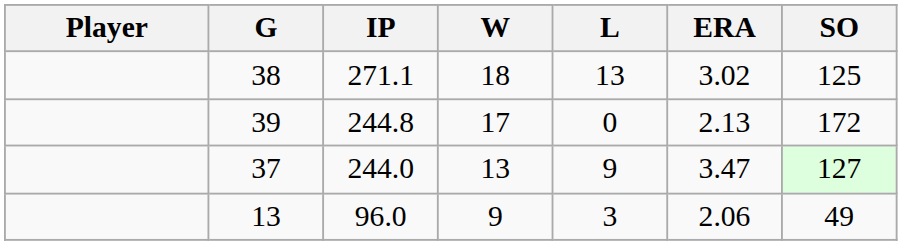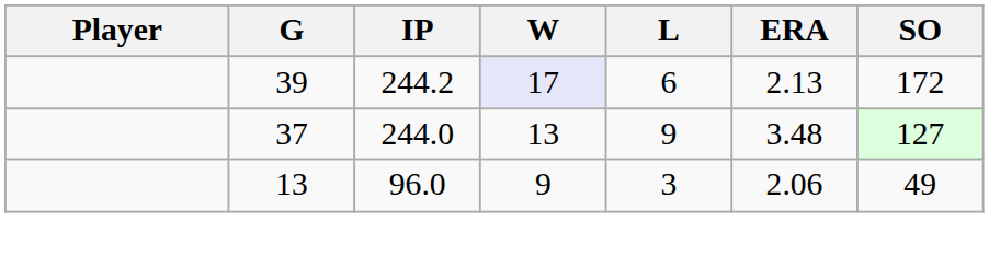 <table class="wikitable sortable">
 <tr>
 <th bgcolor="#DDDDFF" width="16%">Player</th>
 <th bgcolor="#DDDDFF" width="9%">G</th>
 <th bgcolor="#DDDDFF" width="9%">IP</th>
 <th bgcolor="#DDDDFF" width="9%">W</th>
 <th bgcolor="#DDDDFF" width="9%">L</th>
 <th bgcolor="#DDDDFF" width="9%">ERA</th>
 <th bgcolor="#DDDDFF" width="9%">SO</th>
 </tr>
 <tr align="center">
 <td></td>
-<td>38</td>
-<td>271.1</td>
-<td>18</td>
-<td>13</td>
-<td>3.02</td>
-<td>125</td>
-</tr>
-<tr align="center">
-<td></td>
 <td>39</td>
-<td>244.8</td>
-<td>17</td>
-<td>0</td>
+<td>244.2</td>
+<td style="background: lavender;">17</td>
+<td>6</td>
 <td>2.13</td>
 <td>172</td>
 </tr>
 <tr align="center">
 <td></td>
 <td>37</td>
 <td>244.0</td>
 <td>13</td>
 <td>9</td>
-<td>3.47</td>
+<td>3.48</td>
 <td style="background:#DDFFDD;">127</td>
 </tr>
 <tr align="center">
 <td></td>
 <td>13</td>
 <td>96.0</td>
 <td>9</td>
 <td>3</td>
 <td>2.06</td>
 <td>49</td>
 </tr>
 </table>
